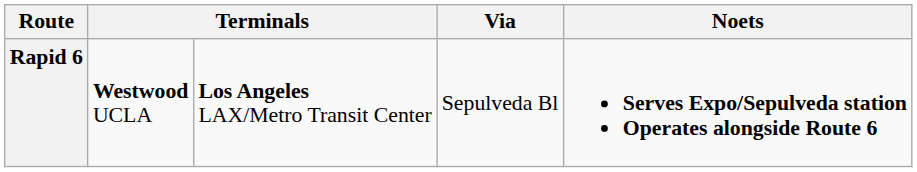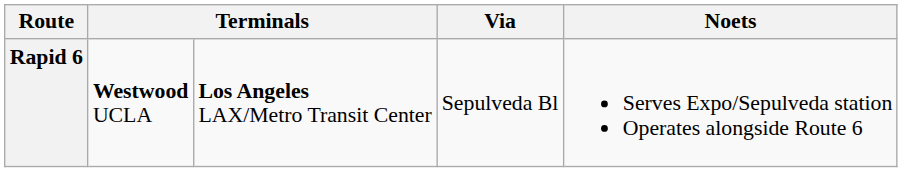 <table class="wikitable">
 <tr>
 <th>Route</th>
 <th colspan="2">Terminals</th>
 <th>Via</th>
 <th>Noets</th>
 </tr>
 <tr>
 <th style="vertical-align:top">Rapid 6</th>
 <td><strong>Westwood</strong><br>UCLA</td>
 <td><strong>Los Angeles</strong><br>  LAX/Metro Transit Center</td>
 <td>Sepulveda Bl</td>
-<td><strong><br><ul><li>Serves Expo/Sepulveda station</li><li>Operates alongside Route 6</li></ul></strong></td>
+<td><br><ul><li>Serves Expo/Sepulveda station</li><li>Operates alongside Route 6</li></ul></td>
 </tr>
 </table>
